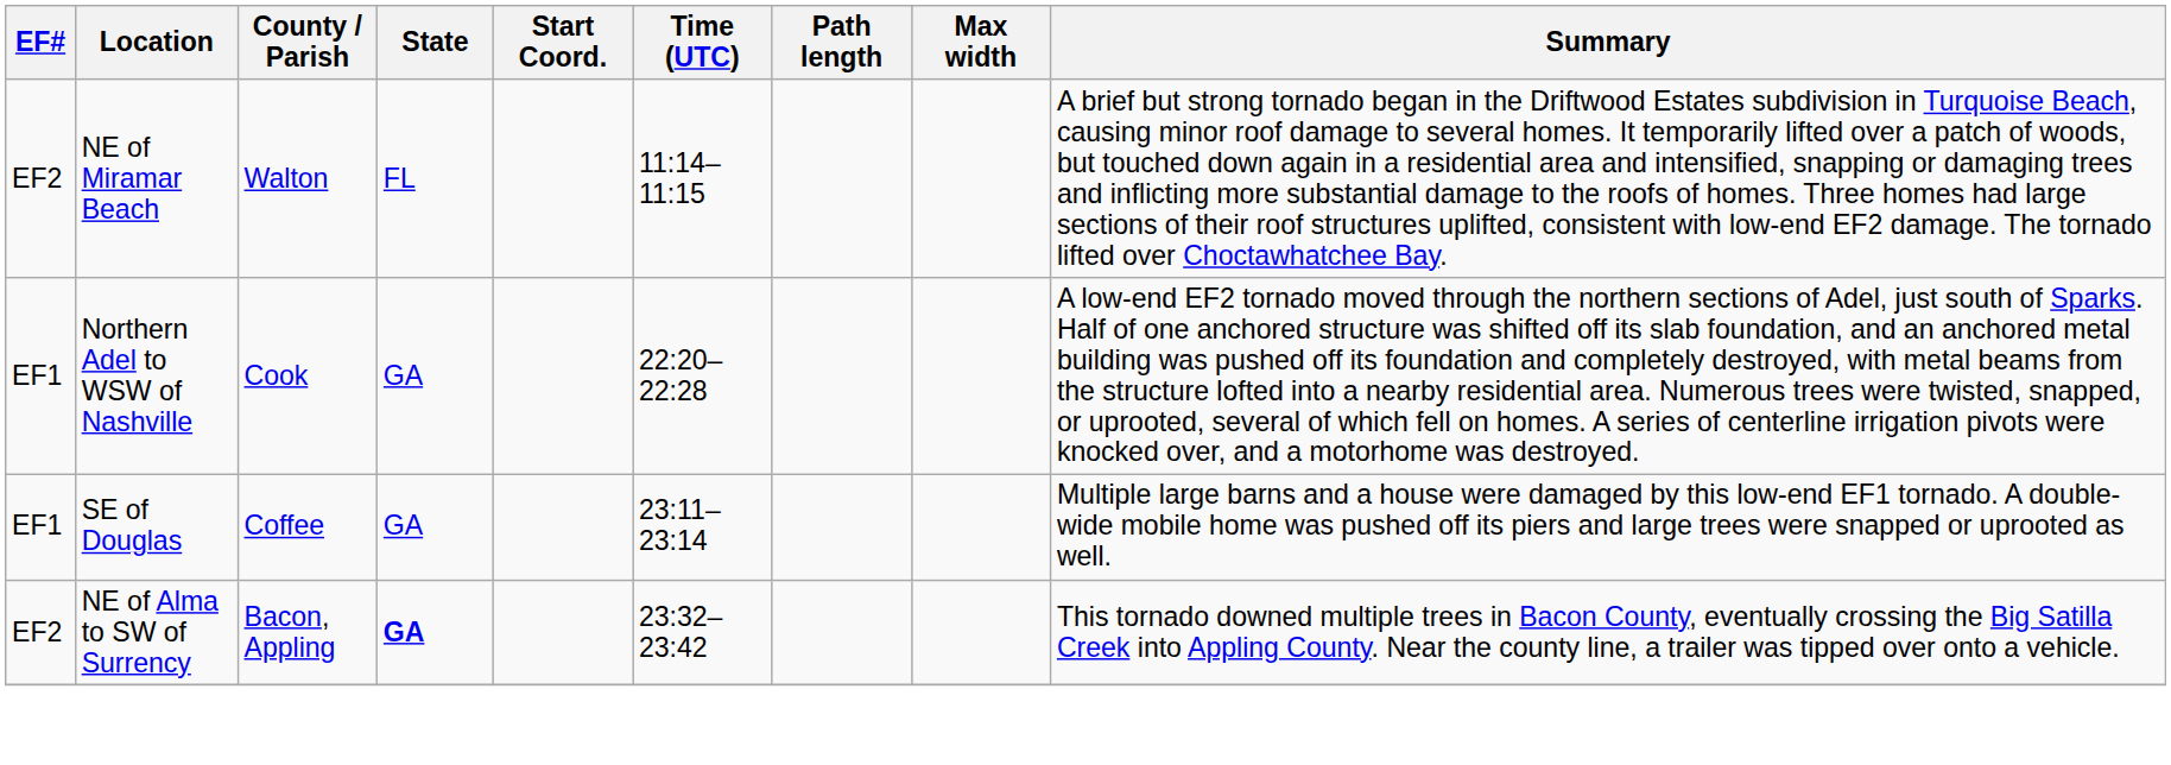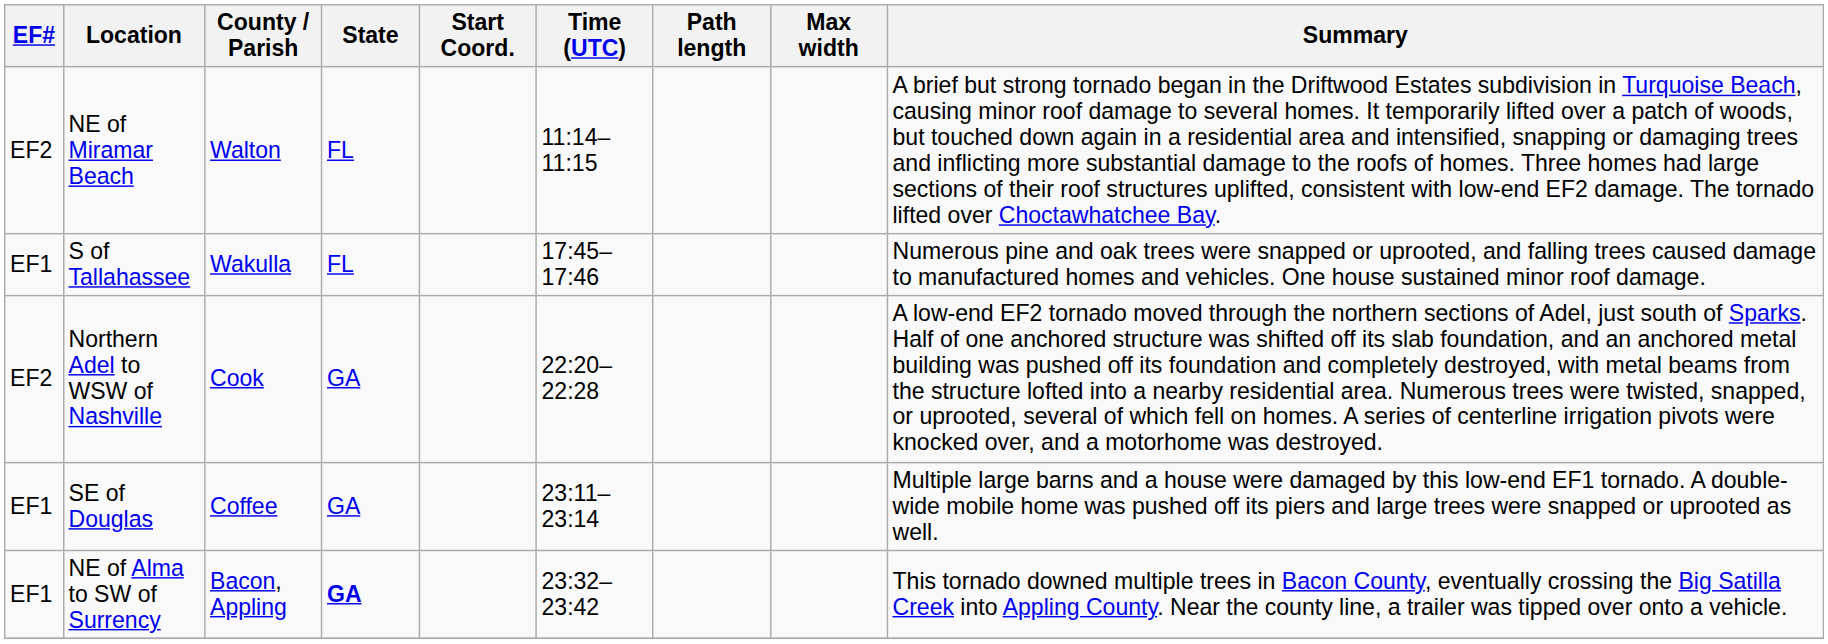 <table class="wikitable sortable" style="width:100%;">
 <tr>
 <th scope="col"  style="width:3%; text-align:center;"><a href='#'>EF#</a></th>
 <th scope="col"  style="width:7%; text-align:center;" class="unsortable">Location</th>
 <th scope="col"  style="width:6%; text-align:center;" class="unsortable">County / Parish</th>
 <th scope="col"  style="width:5%; text-align:center;">State</th>
 <th scope="col"  style="width:6%; text-align:center;">Start Coord.</th>
 <th scope="col"  style="width:6%; text-align:center;">Time (<a href='#'>UTC</a>)</th>
 <th scope="col"  style="width:6%; text-align:center;">Path length</th>
 <th scope="col"  style="width:6%; text-align:center;">Max width</th>
 <th scope="col" class="unsortable" style="width:48%; text-align:center;">Summary</th>
 </tr>
 <tr>
 <td>EF2</td>
 <td>NE of <a href='#'>Miramar Beach</a></td>
 <td><a href='#'>Walton</a></td>
 <td><a href='#'>FL</a></td>
 <td></td>
 <td>11:14–11:15</td>
 <td></td>
 <td></td>
 <td>A brief but strong tornado began in the Driftwood Estates subdivision in <a href='#'>Turquoise Beach</a>, causing minor roof damage to several homes. It temporarily lifted over a patch of woods, but touched down again in a residential area and intensified, snapping or damaging trees and inflicting more substantial damage to the roofs of homes. Three homes had large sections of their roof structures uplifted, consistent with low-end EF2 damage. The tornado lifted over <a href='#'>Choctawhatchee Bay</a>.</td>
 </tr>
 <tr>
 <td>EF1</td>
+<td>S of <a href='#'>Tallahassee</a></td>
+<td><a href='#'>Wakulla</a></td>
+<td><a href='#'>FL</a></td>
+<td></td>
+<td>17:45–17:46</td>
+<td></td>
+<td></td>
+<td>Numerous pine and oak trees were snapped or uprooted, and falling trees caused damage to manufactured homes and vehicles. One house sustained minor roof damage.</td>
+</tr>
+<tr>
+<td>EF2</td>
 <td>Northern <a href='#'>Adel</a> to WSW of <a href='#'>Nashville</a></td>
 <td><a href='#'>Cook</a></td>
 <td><a href='#'>GA</a></td>
 <td></td>
 <td>22:20–22:28</td>
 <td></td>
 <td></td>
 <td>A low-end EF2 tornado moved through the northern sections of Adel, just south of <a href='#'>Sparks</a>. Half of one anchored structure was shifted off its slab foundation, and an anchored metal building was pushed off its foundation and completely destroyed, with metal beams from the structure lofted into a nearby residential area. Numerous trees were twisted, snapped, or uprooted, several of which fell on homes. A series of centerline irrigation pivots were knocked over, and a motorhome was destroyed.</td>
 </tr>
 <tr>
 <td>EF1</td>
 <td>SE of <a href='#'>Douglas</a></td>
 <td><a href='#'>Coffee</a></td>
 <td><a href='#'>GA</a></td>
 <td></td>
 <td>23:11–23:14</td>
 <td></td>
 <td></td>
 <td>Multiple large barns and a house were damaged by this low-end EF1 tornado. A double-wide mobile home was pushed off its piers and large trees were snapped or uprooted as well.</td>
 </tr>
 <tr>
-<td>EF2</td>
+<td>EF1</td>
 <td>NE of <a href='#'>Alma</a> to SW of <a href='#'>Surrency</a></td>
 <td><a href='#'>Bacon</a>, <a href='#'>Appling</a></td>
 <td><strong><a href='#'>GA</a></strong></td>
 <td></td>
 <td>23:32–23:42</td>
 <td></td>
 <td></td>
 <td>This tornado downed multiple trees in <a href='#'>Bacon County</a>, eventually crossing the <a href='#'>Big Satilla Creek</a> into <a href='#'>Appling County</a>. Near the county line, a trailer was tipped over onto a vehicle.</td>
 </tr>
 <tr>
 </tr>
 </table>
